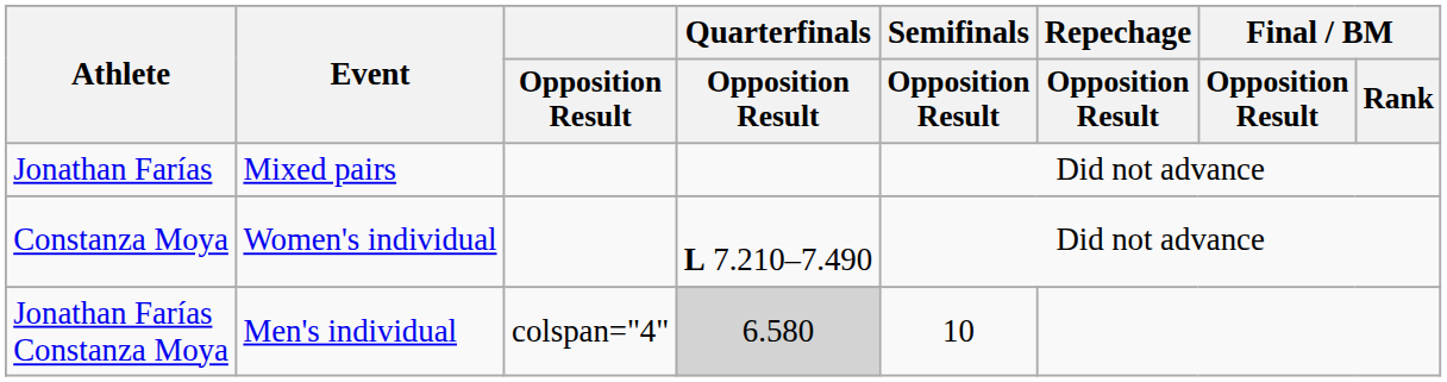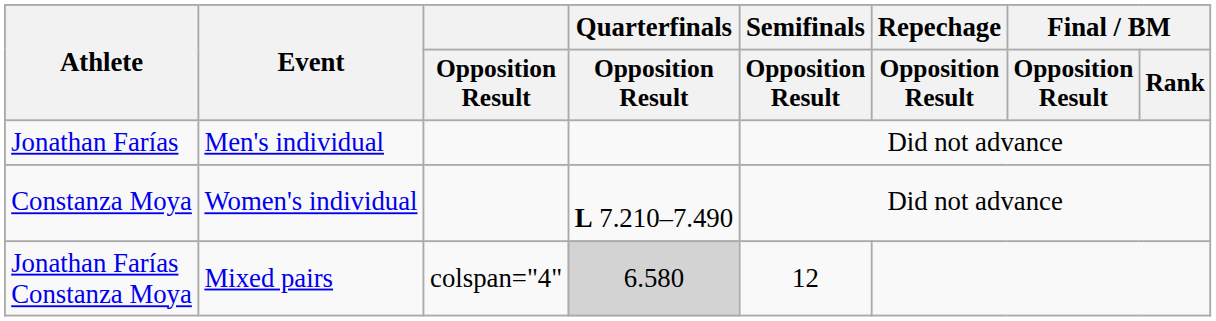 <table class="wikitable" style="font-size:90%">
 <tr>
 <th rowspan=2>Athlete</th>
 <th rowspan=2>Event</th>
 <th></th>
 <th>Quarterfinals</th>
 <th>Semifinals</th>
 <th>Repechage</th>
 <th colspan=2>Final / BM</th>
 </tr>
 <tr style="font-size:95%">
 <th>Opposition<br>Result</th>
 <th>Opposition<br>Result</th>
 <th>Opposition<br>Result</th>
 <th>Opposition<br>Result</th>
 <th>Opposition<br>Result</th>
 <th>Rank</th>
 </tr>
 <tr style="text-align:center">
 <td style="text-align:left"><a href='#'>Jonathan Farías</a></td>
-<td style="text-align:left"><a href='#'>Mixed pairs</a></td>
+<td style="text-align:left"><a href='#'>Men's individual</a></td>
 <td></td>
 <td><br></td>
 <td colspan="4">Did not advance</td>
 </tr>
 <tr style="text-align:center">
 <td style="text-align:left"><a href='#'>Constanza Moya</a></td>
 <td style="text-align:left"><a href='#'>Women's individual</a></td>
 <td></td>
 <td><br><strong>L</strong> 7.210–7.490</td>
 <td colspan="4">Did not advance</td>
 </tr>
 <tr style="text-align:center">
 <td style="text-align:left"><a href='#'>Jonathan Farías</a><br><a href='#'>Constanza Moya</a></td>
-<td style="text-align:left"><a href='#'>Men's individual</a></td>
+<td style="text-align:left"><a href='#'>Mixed pairs</a></td>
 <td>colspan="4" </td>
 <td style="background: lightgrey;">6.580</td>
-<td>10</td>
+<td>12</td>
 </tr>
 </table>
